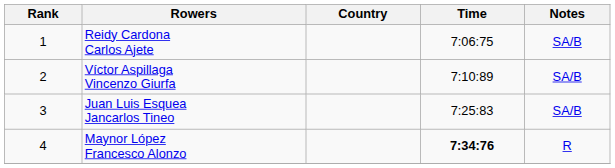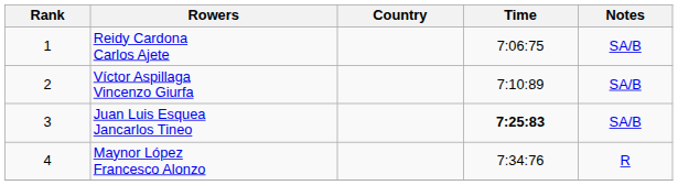 <table class="wikitable" width=60% style="text-align:center">
 <tr>
 <th>Rank</th>
 <th>Rowers</th>
 <th>Country</th>
 <th>Time</th>
 <th>Notes</th>
 </tr>
 <tr>
 <td>1</td>
 <td align=left><a href='#'>Reidy Cardona</a><br><a href='#'>Carlos Ajete</a></td>
 <td align=left></td>
 <td>7:06:75</td>
 <td><a href='#'>SA/B</a></td>
 </tr>
 <tr>
 <td>2</td>
 <td align=left><a href='#'>Víctor Aspillaga</a><br><a href='#'>Vincenzo Giurfa</a></td>
 <td align=left></td>
 <td>7:10:89</td>
 <td><a href='#'>SA/B</a></td>
 </tr>
 <tr>
 <td>3</td>
 <td align=left><a href='#'>Juan Luis Esquea</a><br><a href='#'>Jancarlos Tineo</a></td>
 <td align=left></td>
-<td>7:25:83</td>
+<td><strong>7:25:83</strong></td>
 <td><a href='#'>SA/B</a></td>
 </tr>
 <tr>
 <td>4</td>
 <td align=left><a href='#'>Maynor López</a><br><a href='#'>Francesco Alonzo</a></td>
 <td align=left></td>
-<td><strong>7:34:76</strong></td>
+<td>7:34:76</td>
 <td><a href='#'>R</a></td>
 </tr>
 <tr>
 </tr>
 </table>
